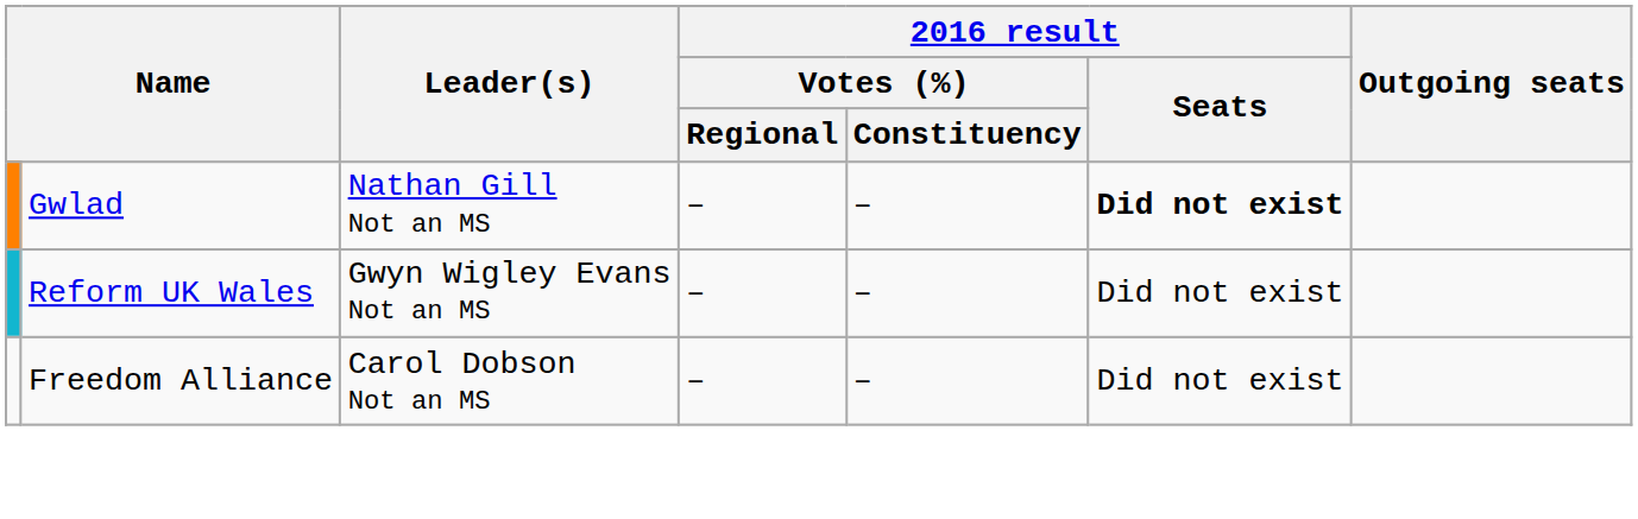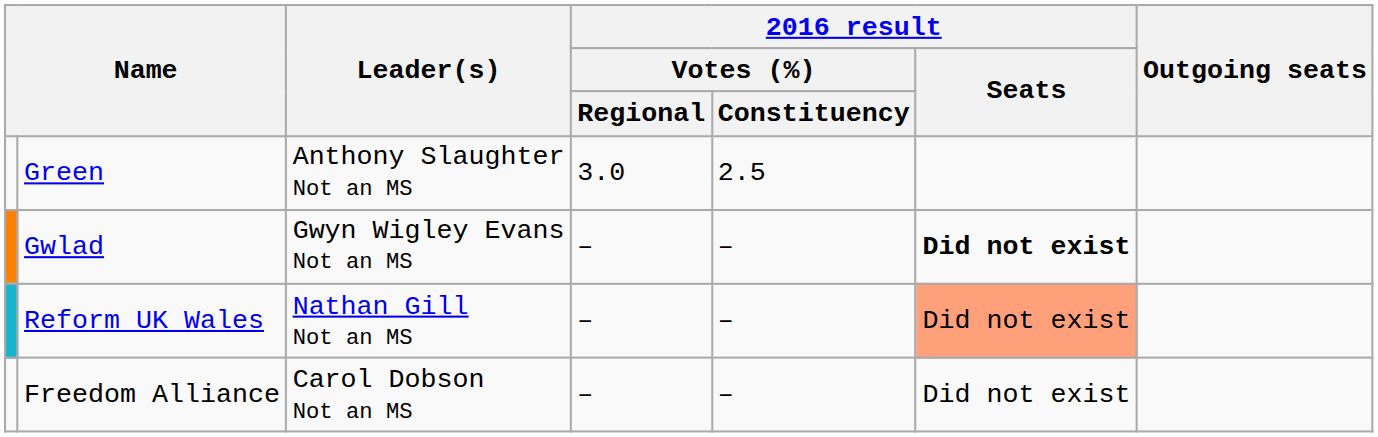 <table class="wikitable">
 <tr>
 <th colspan="2" rowspan="3">Name</th>
 <th rowspan="3">Leader(s)</th>
 <th colspan="3"><a href='#'>2016 result</a></th>
 <th rowspan="3">Outgoing seats</th>
 </tr>
 <tr>
 <th colspan="2">Votes (%)</th>
 <th rowspan="2">Seats</th>
 </tr>
 <tr>
 <th>Regional</th>
 <th>Constituency</th>
 </tr>
 <tr>
+<td style="background:"></td>
+<td><a href='#'>Green</a></td>
+<td>Anthony Slaughter <br><small>Not an MS</small></td>
+<td>3.0</td>
+<td>2.5</td>
+<td></td>
+<td></td>
+</tr>
+<tr>
 <td style="background:#FF8000;"></td>
 <td><a href='#'>Gwlad</a></td>
-<td><a href='#'>Nathan Gill</a> <br><small>Not an MS</small></td>
+<td>Gwyn Wigley Evans <br><small>Not an MS</small></td>
 <td>–</td>
 <td>–</td>
 <td><strong>Did not exist</strong></td>
 <td></td>
 </tr>
 <tr>
 <td style="background:#12B6CF;"></td>
 <td><a href='#'> Reform UK Wales</a></td>
-<td>Gwyn Wigley Evans <br><small>Not an MS</small></td>
+<td><a href='#'>Nathan Gill</a> <br><small>Not an MS</small></td>
 <td>–</td>
 <td>–</td>
-<td>Did not exist</td>
+<td style="background: lightsalmon;">Did not exist</td>
 <td></td>
 </tr>
 <tr>
 <td style="background:"></td>
 <td>Freedom Alliance</td>
 <td>Carol Dobson<br><small>Not an MS</small></td>
 <td>–</td>
 <td>–</td>
 <td>Did not exist</td>
 <td></td>
 </tr>
 </table>
